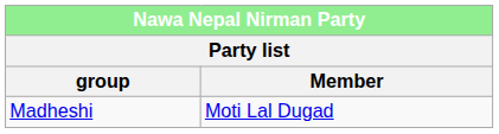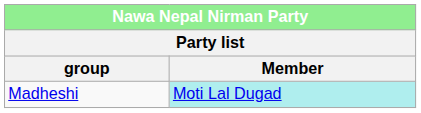 <table class="wikitable mw-collapsible mw-collapsed" role="presentation">
 <tr>
 <th colspan="2" style="width: 300pt; background:lightgreen; color: white;">Nawa Nepal Nirman Party</th>
 </tr>
 <tr>
 <th colspan="2">Party list</th>
 </tr>
 <tr>
 <th> group</th>
 <th>Member</th>
 </tr>
 <tr>
 <td><a href='#'>Madheshi</a></td>
-<td><a href='#'>Moti Lal Dugad</a></td>
+<td style="background: paleturquoise;"><a href='#'>Moti Lal Dugad</a></td>
 </tr>
 </table>
